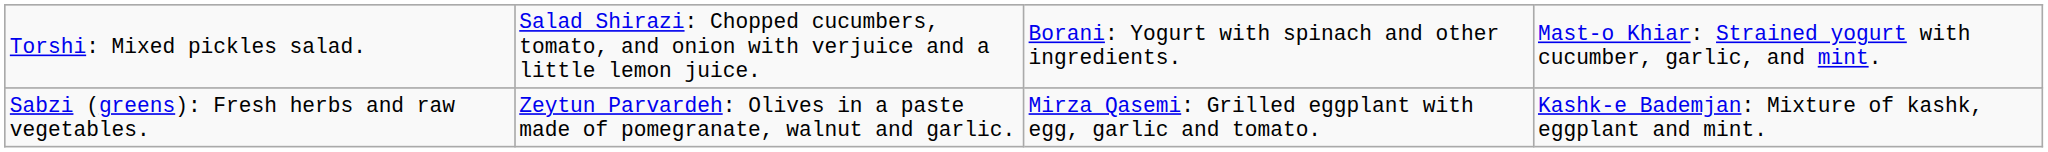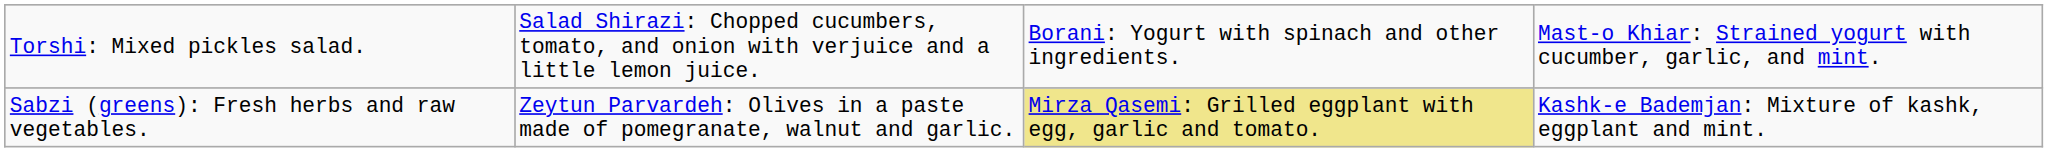 <table class="wikitable">
 <tr>
 <td style="width: 20%;"><a href='#'>Torshi</a>: Mixed pickles salad.</td>
 <td style="width: 20%;"><a href='#'>Salad Shirazi</a>: Chopped cucumbers, tomato, and onion with verjuice and a little lemon juice.</td>
 <td style="width: 20%;"><a href='#'>Borani</a>: Yogurt with spinach and other ingredients.</td>
 <td style="width: 20%;"><a href='#'>Mast-o Khiar</a>: <a href='#'>Strained yogurt</a> with cucumber, garlic, and <a href='#'>mint</a>.</td>
 </tr>
 <tr>
 <td><a href='#'>Sabzi</a> (<a href='#'>greens</a>): Fresh herbs and raw vegetables.</td>
 <td><a href='#'>Zeytun Parvardeh</a>: Olives in a paste made of pomegranate, walnut and garlic.</td>
-<td><a href='#'>Mirza Qasemi</a>: Grilled eggplant with egg, garlic and tomato.</td>
+<td style="background: khaki;"><a href='#'>Mirza Qasemi</a>: Grilled eggplant with egg, garlic and tomato.</td>
 <td><a href='#'>Kashk-e Bademjan</a>: Mixture of kashk, eggplant and mint.</td>
 </tr>
 </table>
